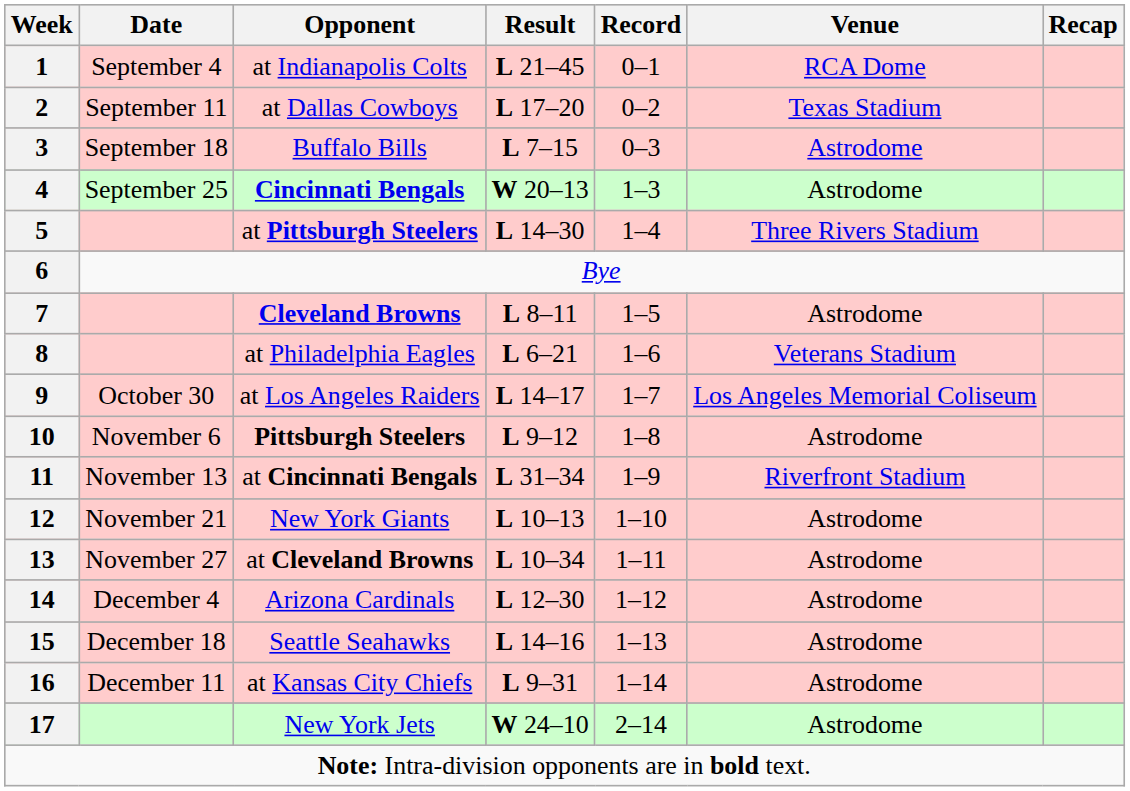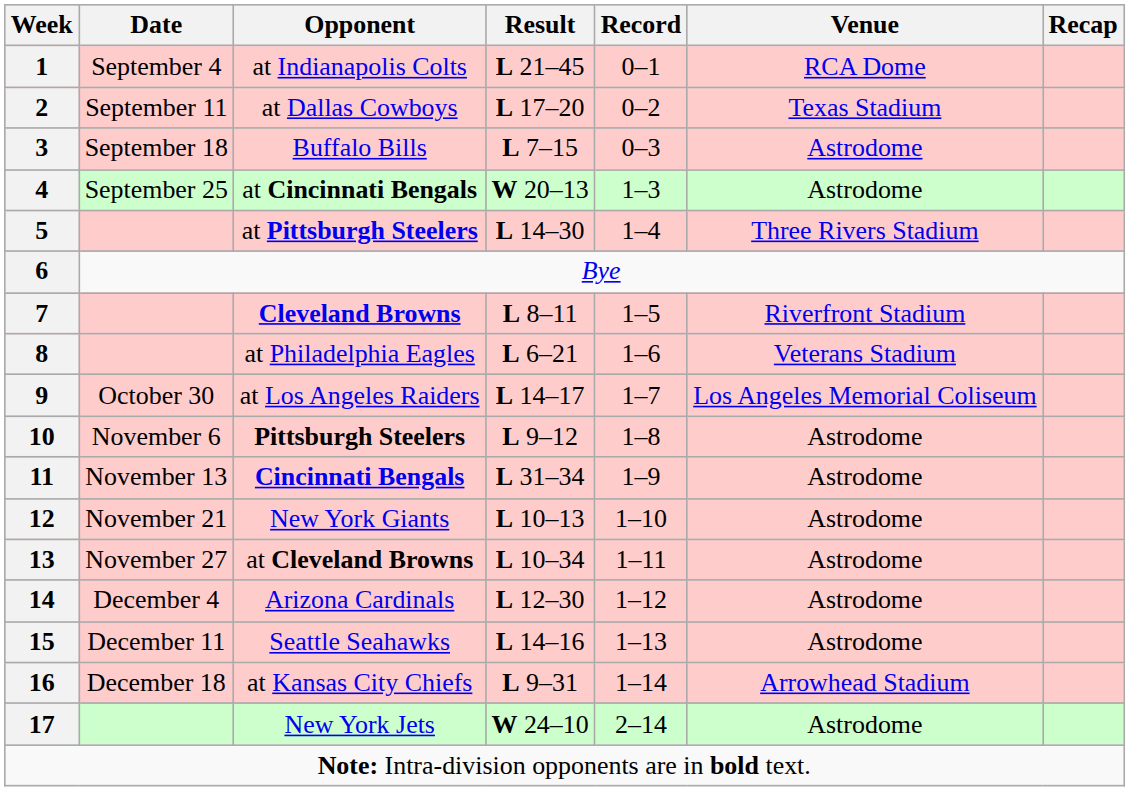 <table class="wikitable" style="text-align:center">
 <tr>
 <th>Week</th>
 <th>Date</th>
 <th>Opponent</th>
 <th>Result</th>
 <th>Record</th>
 <th>Venue</th>
 <th>Recap</th>
 </tr>
 <tr style="background:#fcc">
 <th>1</th>
 <td>September 4</td>
 <td>at <a href='#'>Indianapolis Colts</a></td>
 <td><strong>L</strong> 21–45</td>
 <td>0–1</td>
 <td><a href='#'>RCA Dome</a></td>
 <td></td>
 </tr>
 <tr style="background:#fcc">
 <th>2</th>
 <td>September 11</td>
 <td>at <a href='#'>Dallas Cowboys</a></td>
 <td><strong>L</strong> 17–20</td>
 <td>0–2</td>
 <td><a href='#'>Texas Stadium</a></td>
 <td></td>
 </tr>
 <tr style="background:#fcc">
 <th>3</th>
 <td>September 18</td>
 <td><a href='#'>Buffalo Bills</a></td>
 <td><strong>L</strong> 7–15</td>
 <td>0–3</td>
 <td><a href='#'>Astrodome</a></td>
 <td></td>
 </tr>
 <tr style="background:#cfc">
 <th>4</th>
 <td>September 25</td>
-<td><strong><a href='#'>Cincinnati Bengals</a></strong></td>
+<td>at <strong>Cincinnati Bengals</strong></td>
 <td><strong>W</strong> 20–13</td>
 <td>1–3</td>
 <td>Astrodome</td>
 <td></td>
 </tr>
 <tr style="background:#fcc">
 <th>5</th>
 <td></td>
 <td>at <strong><a href='#'>Pittsburgh Steelers</a></strong></td>
 <td><strong>L</strong> 14–30</td>
 <td>1–4</td>
 <td><a href='#'>Three Rivers Stadium</a></td>
 <td></td>
 </tr>
 <tr>
 <th>6</th>
 <td colspan=6><em><a href='#'>Bye</a></em></td>
 </tr>
 <tr style="background:#fcc">
 <th>7</th>
 <td></td>
 <td><strong><a href='#'>Cleveland Browns</a></strong></td>
 <td><strong>L</strong>  8–11</td>
 <td>1–5</td>
-<td>Astrodome</td>
+<td><a href='#'>Riverfront Stadium</a></td>
 <td></td>
 </tr>
 <tr style="background:#fcc">
 <th>8</th>
 <td></td>
 <td>at <a href='#'>Philadelphia Eagles</a></td>
 <td><strong>L</strong> 6–21</td>
 <td>1–6</td>
 <td><a href='#'>Veterans Stadium</a></td>
 <td></td>
 </tr>
 <tr style="background:#fcc">
 <th>9</th>
 <td>October 30</td>
 <td>at <a href='#'>Los Angeles Raiders</a></td>
 <td><strong>L</strong> 14–17</td>
 <td>1–7</td>
 <td><a href='#'>Los Angeles Memorial Coliseum</a></td>
 <td></td>
 </tr>
 <tr style="background:#fcc">
 <th>10</th>
 <td>November 6</td>
 <td><strong>Pittsburgh Steelers</strong></td>
 <td><strong>L</strong> 9–12 </td>
 <td>1–8</td>
 <td>Astrodome</td>
 <td></td>
 </tr>
 <tr style="background:#fcc">
 <th>11</th>
 <td>November 13</td>
-<td>at <strong>Cincinnati Bengals</strong></td>
+<td><strong><a href='#'>Cincinnati Bengals</a></strong></td>
 <td><strong>L</strong> 31–34</td>
 <td>1–9</td>
-<td><a href='#'>Riverfront Stadium</a></td>
+<td>Astrodome</td>
 <td></td>
 </tr>
 <tr style="background:#fcc">
 <th>12</th>
 <td>November 21</td>
 <td><a href='#'>New York Giants</a></td>
 <td><strong>L</strong> 10–13</td>
 <td>1–10</td>
 <td>Astrodome</td>
 <td></td>
 </tr>
 <tr style="background:#fcc">
 <th>13</th>
 <td>November 27</td>
 <td>at <strong>Cleveland Browns</strong></td>
 <td><strong>L</strong> 10–34</td>
 <td>1–11</td>
 <td>Astrodome</td>
 <td></td>
 </tr>
 <tr style="background:#fcc">
 <th>14</th>
 <td>December 4</td>
 <td><a href='#'>Arizona Cardinals</a></td>
 <td><strong>L</strong> 12–30</td>
 <td>1–12</td>
 <td>Astrodome</td>
 <td></td>
 </tr>
 <tr style="background:#fcc">
 <th>15</th>
-<td>December 18</td>
+<td>December 11</td>
 <td><a href='#'>Seattle Seahawks</a></td>
 <td><strong>L</strong> 14–16</td>
 <td>1–13</td>
 <td>Astrodome</td>
 <td></td>
 </tr>
 <tr style="background:#fcc">
 <th>16</th>
-<td>December 11</td>
+<td>December 18</td>
 <td>at <a href='#'>Kansas City Chiefs</a></td>
 <td><strong>L</strong> 9–31</td>
 <td>1–14</td>
-<td>Astrodome</td>
+<td><a href='#'>Arrowhead Stadium</a></td>
 <td></td>
 </tr>
 <tr style="background:#cfc">
 <th>17</th>
 <td></td>
 <td><a href='#'>New York Jets</a></td>
 <td><strong>W</strong> 24–10</td>
 <td>2–14</td>
 <td>Astrodome</td>
 <td></td>
 </tr>
 <tr>
 <td colspan="8"><strong>Note:</strong> Intra-division opponents are in <strong>bold</strong> text.</td>
 </tr>
 </table>
